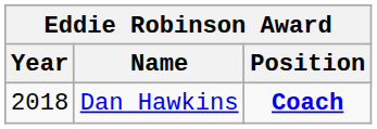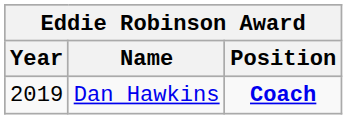 <table class="wikitable">
 <tr align="center">
 <th colspan=5>Eddie Robinson Award</th>
 </tr>
 <tr>
 <th>Year</th>
 <th>Name</th>
 <th>Position</th>
 </tr>
 <tr align="center" bgcolor="">
-<td>2018</td>
+<td>2019</td>
 <td><a href='#'>Dan Hawkins</a></td>
 <td><strong><a href='#'>Coach</a></strong></td>
 </tr>
 </table>
